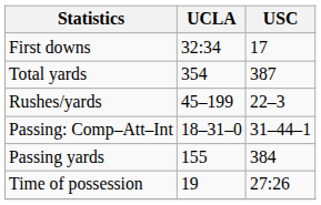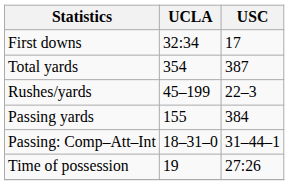 <table class="wikitable" style="float: left;">
 <tr>
 <th>Statistics</th>
 <th>UCLA</th>
 <th>USC</th>
 </tr>
 <tr>
 <td>First downs</td>
 <td>32:34</td>
 <td>17</td>
 </tr>
 <tr>
 <td>Total yards</td>
 <td>354</td>
 <td>387</td>
 </tr>
 <tr>
 <td>Rushes/yards</td>
 <td>45–199</td>
 <td>22–3</td>
 </tr>
 <tr>
+<td>Passing yards</td>
+<td>155</td>
+<td>384</td>
+</tr>
+<tr>
 <td>Passing: Comp–Att–Int</td>
 <td>18–31–0</td>
 <td>31–44–1</td>
-</tr>
-<tr>
-<td>Passing yards</td>
-<td>155</td>
-<td>384</td>
 </tr>
 <tr>
 <td>Time of possession</td>
 <td>19</td>
 <td>27:26</td>
 </tr>
 <tr>
 </tr>
 </table>
